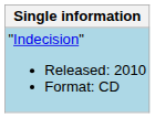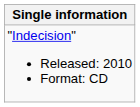 <table class="wikitable">
 <tr>
 <th>Single information</th>
 </tr>
 <tr>
-<td align="left" style="background: lightblue;">"<a href='#'>Indecision</a>"<br><ul><li>Released: 2010</li><li>Format: CD</li></ul></td>
+<td align="left">"<a href='#'>Indecision</a>"<br><ul><li>Released: 2010</li><li>Format: CD</li></ul></td>
 </tr>
 </table>
